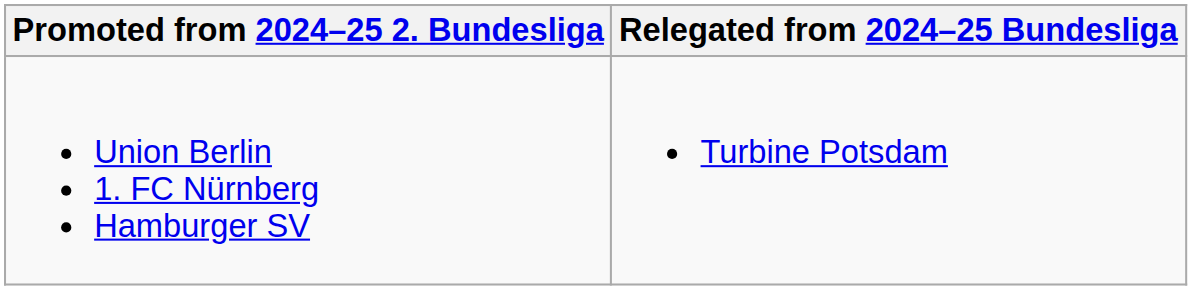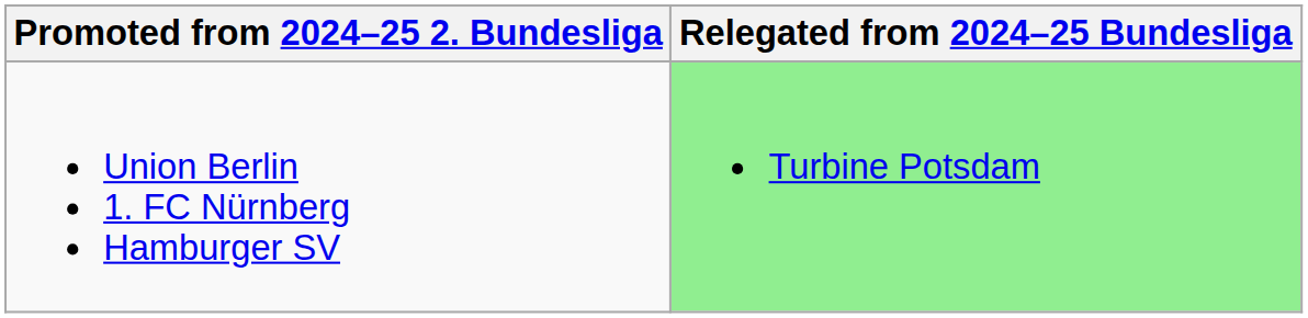 <table class="wikitable">
 <tr>
 <th>Promoted from <a href='#'>2024–25 2. Bundesliga</a></th>
 <th>Relegated from <a href='#'>2024–25 Bundesliga</a></th>
 </tr>
 <tr style="vertical-align:top;">
 <td><br><ul><li><a href='#'>Union Berlin</a></li><li><a href='#'>1. FC Nürnberg</a></li><li><a href='#'>Hamburger SV</a></li></ul></td>
-<td><br><ul><li><a href='#'>Turbine Potsdam</a></li></ul></td>
+<td style="background: lightgreen;"><br><ul><li><a href='#'>Turbine Potsdam</a></li></ul></td>
 </tr>
 </table>
